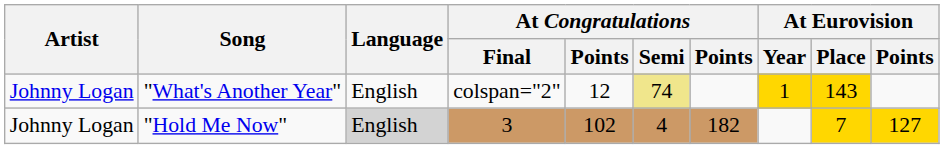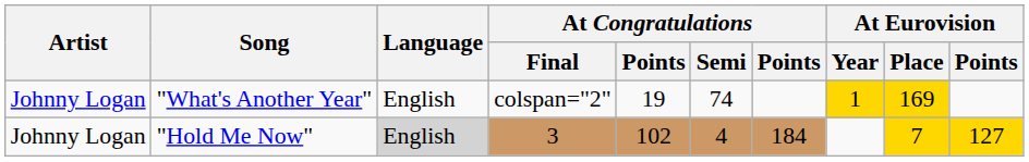 <table class="wikitable">
 <tr>
 <th rowspan="2" scope="col">Artist</th>
 <th rowspan="2" scope="col">Song</th>
 <th scope="col" rowspan="2">Language</th>
 <th scope="colgroup" colspan="4">At <em>Congratulations</em></th>
 <th scope="colgroup" colspan="3">At Eurovision</th>
 </tr>
 <tr>
 <th scope="col">Final</th>
 <th scope="col">Points</th>
 <th scope="col">Semi</th>
 <th scope="col">Points</th>
 <th scope="col">Year</th>
 <th scope="col">Place</th>
 <th scope="col">Points</th>
 </tr>
 <tr>
 <td><a href='#'>Johnny Logan</a></td>
 <td>"<a href='#'>What's Another Year</a>"</td>
 <td>English</td>
 <td>colspan="2" </td>
-<td style="text-align:center;">12</td>
-<td style="background: khaki; text-align:center;">74</td>
+<td style="text-align:center;">19</td>
+<td style="text-align:center;">74</td>
 <td style="text-align:center;"></td>
 <td style="text-align:center; background-color:#FFD700;">1</td>
-<td style="text-align:center; background-color:#FFD700;">143</td>
+<td style="text-align:center; background-color:#FFD700;">169</td>
 </tr>
 <tr>
 <td>Johnny Logan</td>
 <td>"<a href='#'>Hold Me Now</a>"</td>
 <td style="background: lightgrey;">English</td>
 <td style="text-align:center; background-color:#C96;">3</td>
 <td style="text-align:center; background-color:#C96;">102</td>
 <td style="text-align:center; background-color:#C96;">4</td>
-<td style="text-align:center; background-color:#C96;">182</td>
+<td style="text-align:center; background-color:#C96;">184</td>
 <td style="text-align:center;"></td>
 <td style="text-align:center; background-color:#FFD700;">7</td>
 <td style="text-align:center; background-color:#FFD700;">127</td>
 </tr>
 </table>
